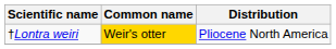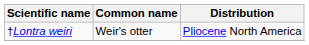 <table class="wikitable">
 <tr>
 <th>Scientific name</th>
 <th>Common name</th>
 <th>Distribution</th>
 </tr>
 <tr>
 <td>†<em><a href='#'>Lontra weiri</a></em></td>
-<td style="background: gold;">Weir's otter</td>
+<td>Weir's otter</td>
 <td><a href='#'>Pliocene</a> North America</td>
 </tr>
 <tr>
 </tr>
 </table>
